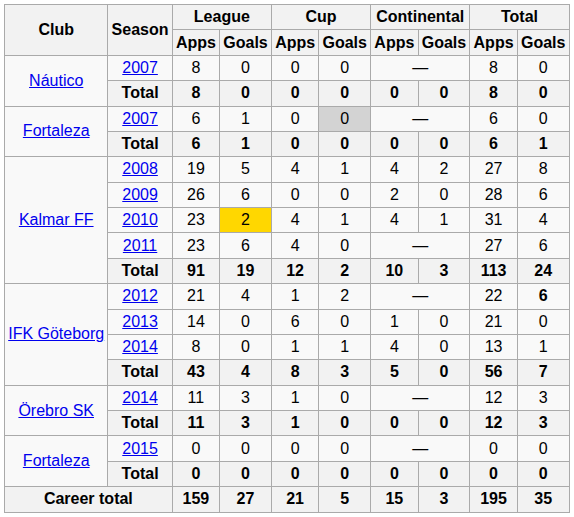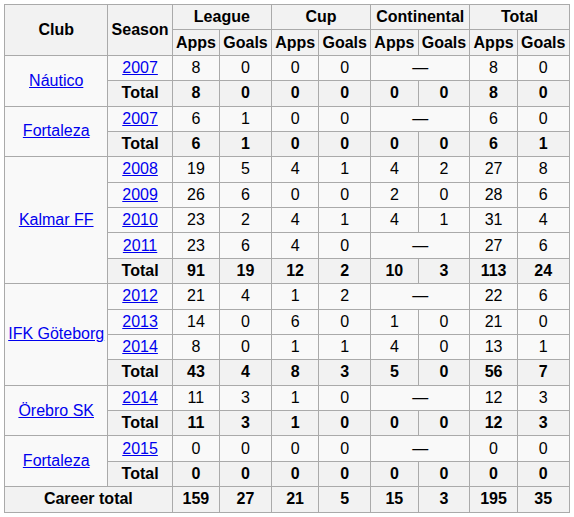 <table class="wikitable" style="text-align:center;">
 <tr>
 <th rowspan="2">Club</th>
 <th rowspan="2">Season</th>
 <th colspan="2">League</th>
 <th colspan="2">Cup</th>
 <th colspan="2">Continental</th>
 <th colspan="2">Total</th>
 </tr>
 <tr>
 <th>Apps</th>
 <th>Goals</th>
 <th>Apps</th>
 <th>Goals</th>
 <th>Apps</th>
 <th>Goals</th>
 <th>Apps</th>
 <th>Goals</th>
 </tr>
 <tr>
 <td rowspan="2"><a href='#'>Náutico</a></td>
 <td><a href='#'>2007</a></td>
 <td>8</td>
 <td>0</td>
 <td>0</td>
 <td>0</td>
 <td colspan="2">—</td>
 <td>8</td>
 <td>0</td>
 </tr>
 <tr>
 <th>Total</th>
 <th>8</th>
 <th>0</th>
 <th>0</th>
 <th>0</th>
 <th>0</th>
 <th>0</th>
 <th>8</th>
 <th>0</th>
 </tr>
 <tr>
 <td rowspan="2"><a href='#'>Fortaleza</a></td>
 <td><a href='#'>2007</a></td>
 <td>6</td>
 <td>1</td>
 <td>0</td>
-<td style="background: lightgrey;">0</td>
+<td>0</td>
 <td colspan="2">—</td>
 <td>6</td>
 <td>0</td>
 </tr>
 <tr>
 <th>Total</th>
 <th>6</th>
 <th>1</th>
 <th>0</th>
 <th>0</th>
 <th>0</th>
 <th>0</th>
 <th>6</th>
 <th>1</th>
 </tr>
 <tr>
 <td rowspan="5"><a href='#'>Kalmar FF</a></td>
 <td><a href='#'>2008</a></td>
 <td>19</td>
 <td>5</td>
 <td>4</td>
 <td>1</td>
 <td>4</td>
 <td>2</td>
 <td>27</td>
 <td>8</td>
 </tr>
 <tr>
 <td><a href='#'>2009</a></td>
 <td>26</td>
 <td>6</td>
 <td>0</td>
 <td>0</td>
 <td>2</td>
 <td>0</td>
 <td>28</td>
 <td>6</td>
 </tr>
 <tr>
 <td><a href='#'>2010</a></td>
 <td>23</td>
-<td style="background: gold;">2</td>
+<td>2</td>
 <td>4</td>
 <td>1</td>
 <td>4</td>
 <td>1</td>
 <td>31</td>
 <td>4</td>
 </tr>
 <tr>
 <td><a href='#'>2011</a></td>
 <td>23</td>
 <td>6</td>
 <td>4</td>
 <td>0</td>
 <td colspan="2">—</td>
 <td>27</td>
 <td>6</td>
 </tr>
 <tr>
 <th>Total</th>
 <th>91</th>
 <th>19</th>
 <th>12</th>
 <th>2</th>
 <th>10</th>
 <th>3</th>
 <th>113</th>
 <th>24</th>
 </tr>
 <tr>
 <td rowspan="4"><a href='#'>IFK Göteborg</a></td>
 <td><a href='#'>2012</a></td>
 <td>21</td>
 <td>4</td>
 <td>1</td>
 <td>2</td>
 <td colspan="2">—</td>
 <td>22</td>
-<td><strong>6</strong></td>
+<td>6</td>
 </tr>
 <tr>
 <td><a href='#'>2013</a></td>
 <td>14</td>
 <td>0</td>
 <td>6</td>
 <td>0</td>
 <td>1</td>
 <td>0</td>
 <td>21</td>
 <td>0</td>
 </tr>
 <tr>
 <td><a href='#'>2014</a></td>
 <td>8</td>
 <td>0</td>
 <td>1</td>
 <td>1</td>
 <td>4</td>
 <td>0</td>
 <td>13</td>
 <td>1</td>
 </tr>
 <tr>
 <th>Total</th>
 <th>43</th>
 <th>4</th>
 <th>8</th>
 <th>3</th>
 <th>5</th>
 <th>0</th>
 <th>56</th>
 <th>7</th>
 </tr>
 <tr>
 <td rowspan="2"><a href='#'>Örebro SK</a></td>
 <td><a href='#'>2014</a></td>
 <td>11</td>
 <td>3</td>
 <td>1</td>
 <td>0</td>
 <td colspan="2">—</td>
 <td>12</td>
 <td>3</td>
 </tr>
 <tr>
 <th>Total</th>
 <th>11</th>
 <th>3</th>
 <th>1</th>
 <th>0</th>
 <th>0</th>
 <th>0</th>
 <th>12</th>
 <th>3</th>
 </tr>
 <tr>
 <td rowspan="2"><a href='#'>Fortaleza</a></td>
 <td><a href='#'>2015</a></td>
 <td>0</td>
 <td>0</td>
 <td>0</td>
 <td>0</td>
 <td colspan="2">—</td>
 <td>0</td>
 <td>0</td>
 </tr>
 <tr>
 <th>Total</th>
 <th>0</th>
 <th>0</th>
 <th>0</th>
 <th>0</th>
 <th>0</th>
 <th>0</th>
 <th>0</th>
 <th>0</th>
 </tr>
 <tr>
 <th colspan="2">Career total</th>
 <th>159</th>
 <th>27</th>
 <th>21</th>
 <th>5</th>
 <th>15</th>
 <th>3</th>
 <th>195</th>
 <th>35</th>
 </tr>
 </table>
